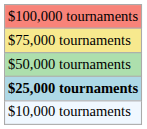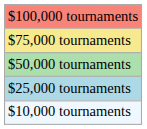 <table class=wikitable style=font-size:85%>
 <tr style="background:#f88379;">
 <td>$100,000 tournaments</td>
 </tr>
 <tr style="background:#f7e98e;">
 <td>$75,000 tournaments</td>
 </tr>
 <tr style="background:#addfad;">
 <td>$50,000 tournaments</td>
 </tr>
 <tr style="background:lightblue;">
-<td><strong>$25,000 tournaments</strong></td>
+<td>$25,000 tournaments</td>
 </tr>
 <tr style="background:#f0f8ff;">
 <td>$10,000 tournaments</td>
 </tr>
 </table>
